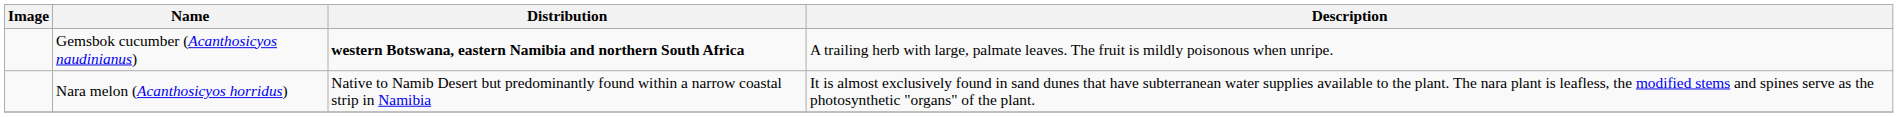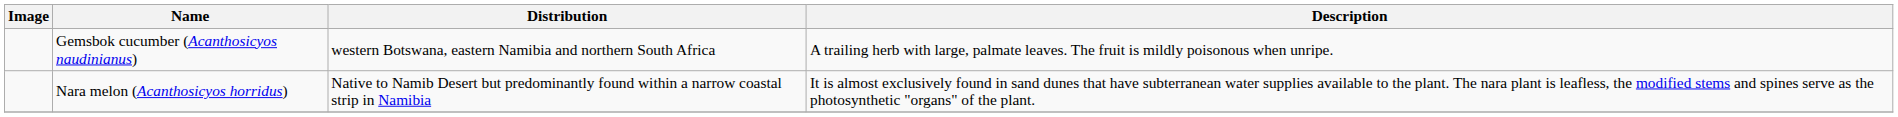 <table class="wikitable">
 <tr>
 <th>Image</th>
 <th>Name</th>
 <th>Distribution</th>
 <th>Description</th>
 </tr>
 <tr>
 <td></td>
 <td>Gemsbok cucumber (<em><a href='#'>Acanthosicyos naudinianus</a></em>)</td>
-<td><strong>western Botswana, eastern Namibia and northern South Africa</strong></td>
+<td>western Botswana, eastern Namibia and northern South Africa</td>
 <td>A trailing herb with large, palmate leaves.  The fruit is mildly poisonous when unripe.</td>
 </tr>
 <tr>
 <td></td>
 <td>Nara melon (<em><a href='#'>Acanthosicyos horridus</a></em>)</td>
 <td>Native to Namib Desert but predominantly found within a narrow coastal strip in <a href='#'>Namibia</a></td>
 <td>It is almost exclusively found in sand dunes that have subterranean water supplies available to the plant.  The nara plant is leafless, the <a href='#'>modified stems</a> and spines serve as the photosynthetic "organs" of the plant.</td>
 </tr>
 <tr>
 </tr>
 </table>
